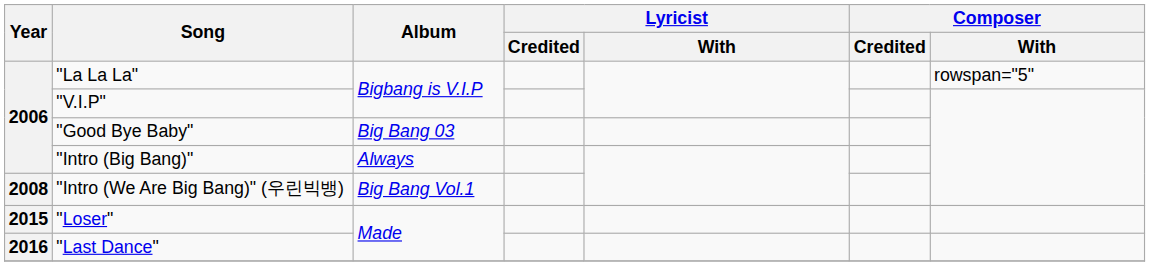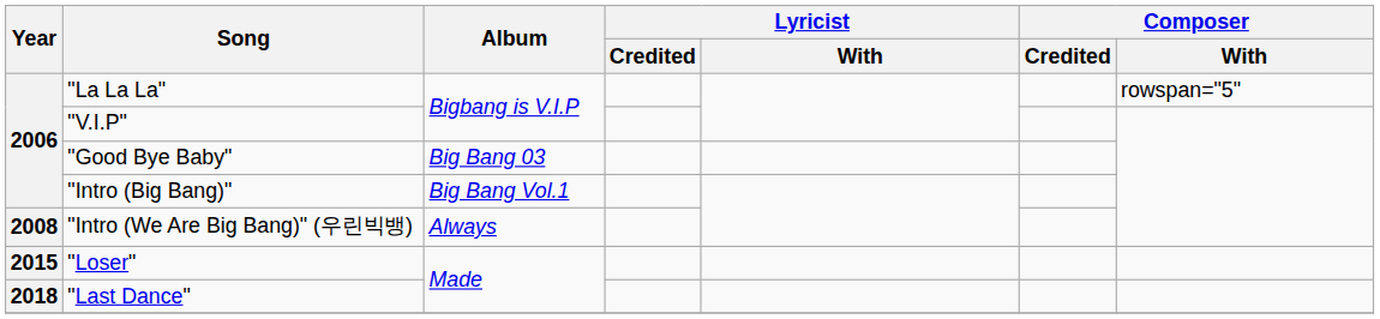 <table class="wikitable sortable plainrowheaders">
 <tr>
 <th rowspan="2" style="width:2em;">Year</th>
 <th rowspan="2" style="width:16.5em;">Song</th>
 <th rowspan="2" style="width:8em;">Album</th>
 <th colspan="2"><a href='#'>Lyricist</a></th>
 <th colspan="2"><a href='#'>Composer</a></th>
 </tr>
 <tr>
 <th>Credited</th>
 <th style="width:14.5em;">With</th>
 <th>Credited</th>
 <th style="width:11.6em;">With</th>
 </tr>
 <tr>
 <th scope="row" rowspan="4">2006</th>
 <td>"La La La"</td>
 <td rowspan="2"><em><a href='#'>Bigbang is V.I.P</a></em></td>
 <td></td>
 <td style="text-align:center" rowspan="2"></td>
 <td></td>
 <td>rowspan="5" </td>
 </tr>
 <tr>
 <td>"V.I.P"</td>
 <td></td>
 <td></td>
 </tr>
 <tr>
 <td>"Good Bye Baby"</td>
 <td><em><a href='#'>Big Bang 03</a></em></td>
 <td></td>
 <td></td>
 <td></td>
 </tr>
 <tr>
 <td>"Intro (Big Bang)"</td>
-<td><em><a href='#'>Always</a></em></td>
+<td><em><a href='#'>Big Bang Vol.1</a></em></td>
 <td></td>
 <td style="text-align:center" rowspan="2"></td>
 <td></td>
 </tr>
 <tr>
 <th scope="row">2008</th>
 <td>"Intro (We Are Big Bang)" (우린빅뱅)</td>
-<td><em><a href='#'>Big Bang Vol.1</a></em></td>
+<td><em><a href='#'>Always</a></em></td>
 <td></td>
 <td></td>
 </tr>
 <tr>
 <th scope="row">2015</th>
 <td>"<a href='#'>Loser</a>"</td>
 <td rowspan="2"><em><a href='#'>Made</a></em></td>
 <td></td>
 <td></td>
 <td></td>
 <td style="text-align:center"></td>
 </tr>
 <tr>
-<th scope="row">2016</th>
+<th scope="row">2018</th>
 <td>"<a href='#'>Last Dance</a>"</td>
 <td></td>
 <td style="text-align:center"></td>
 <td></td>
 <td></td>
 </tr>
 <tr>
 </tr>
 </table>
